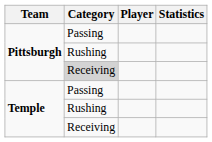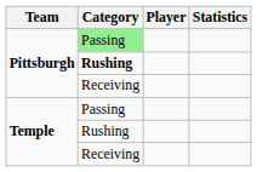 <table class="wikitable" style="float: right;">
 <tr>
 <th>Team</th>
 <th>Category</th>
 <th>Player</th>
 <th>Statistics</th>
 </tr>
 <tr>
 <td rowspan=3><strong>Pittsburgh</strong></td>
-<td>Passing</td>
+<td style="background: lightgreen;">Passing</td>
 <td></td>
 <td></td>
 </tr>
 <tr>
-<td>Rushing</td>
+<td><strong>Rushing</strong></td>
 <td></td>
 <td></td>
 </tr>
 <tr>
-<td style="background: lightgrey;">Receiving</td>
+<td>Receiving</td>
 <td></td>
 <td></td>
 </tr>
 <tr>
 <td rowspan=3><strong>Temple</strong></td>
 <td>Passing</td>
 <td></td>
 <td></td>
 </tr>
 <tr>
 <td>Rushing</td>
 <td></td>
 <td></td>
 </tr>
 <tr>
 <td>Receiving</td>
 <td></td>
 <td></td>
 </tr>
 </table>
